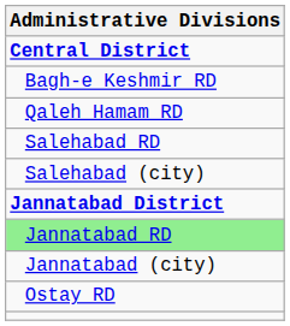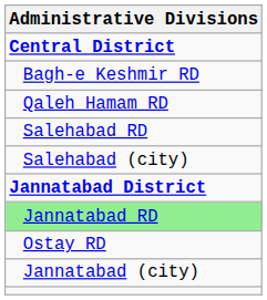 <table class="wikitable">
 <tr>
 <th>Administrative Divisions</th>
 </tr>
 <tr>
 <td><strong><a href='#'>Central District</a></strong></td>
 </tr>
 <tr>
 <td style="padding-left: 1em;"><a href='#'>Bagh-e Keshmir RD</a></td>
 </tr>
 <tr>
 <td style="padding-left: 1em;"><a href='#'>Qaleh Hamam RD</a></td>
 </tr>
 <tr>
 <td style="padding-left: 1em;"><a href='#'>Salehabad RD</a></td>
 </tr>
 <tr>
 <td style="padding-left: 1em;"><a href='#'>Salehabad</a> (city)</td>
 </tr>
 <tr>
 <td><strong><a href='#'>Jannatabad District</a></strong></td>
 </tr>
 <tr>
 <td style="background: lightgreen; padding-left: 1em;"><a href='#'>Jannatabad RD</a></td>
 </tr>
 <tr>
-<td style="padding-left: 1em;"><a href='#'>Jannatabad</a> (city)</td>
+<td style="padding-left: 1em;"><a href='#'>Ostay RD</a></td>
 </tr>
 <tr>
-<td style="padding-left: 1em;"><a href='#'>Ostay RD</a></td>
+<td style="padding-left: 1em;"><a href='#'>Jannatabad</a> (city)</td>
 </tr>
 <tr>
 <td colspan=1></td>
 </tr>
 </table>
